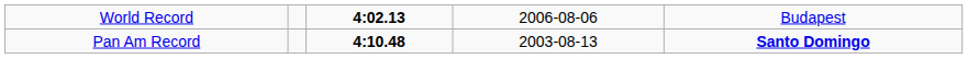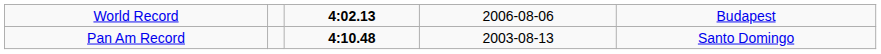 <table class="wikitable" style=" text-align:center; font-size:95%;" width="75%">
 <tr>
 <td><a href='#'>World Record</a></td>
 <td></td>
 <td><strong>4:02.13</strong></td>
 <td>2006-08-06</td>
 <td> <a href='#'>Budapest</a></td>
 </tr>
 <tr>
 <td><a href='#'>Pan Am Record</a></td>
 <td></td>
 <td><strong>4:10.48</strong></td>
 <td>2003-08-13</td>
-<td><strong> <a href='#'>Santo Domingo</a></strong></td>
+<td> <a href='#'>Santo Domingo</a></td>
 </tr>
 </table>
